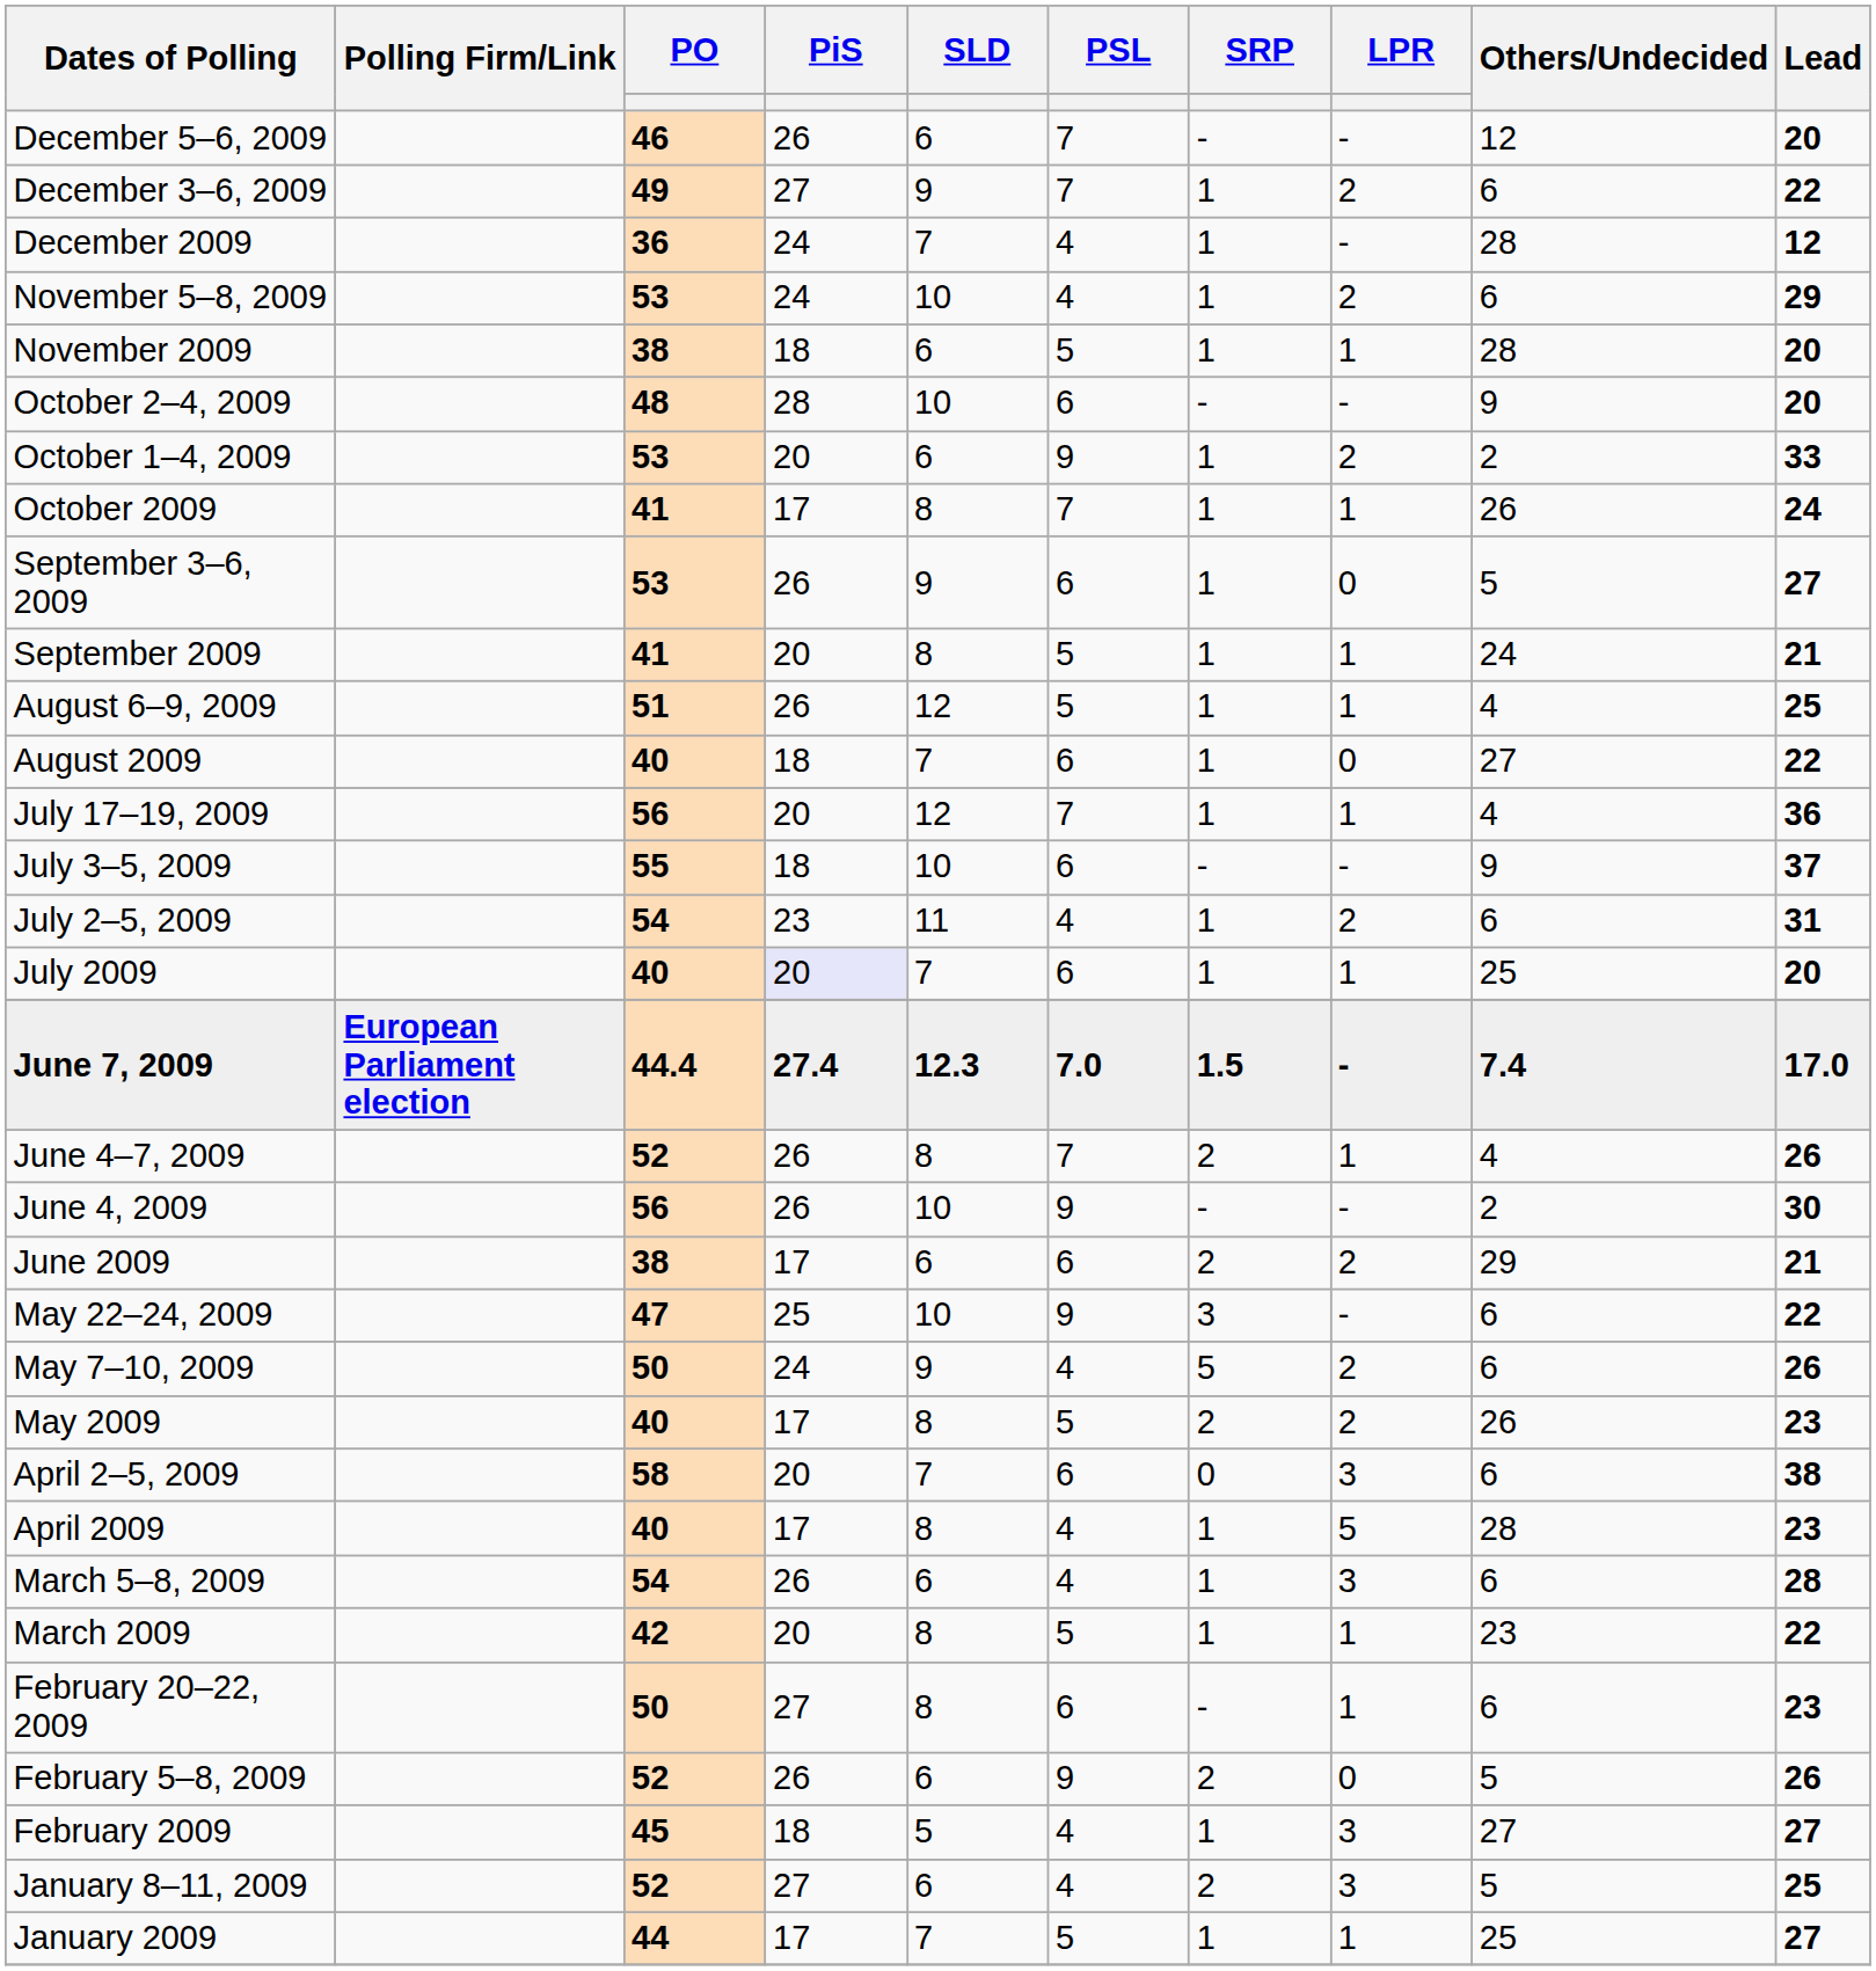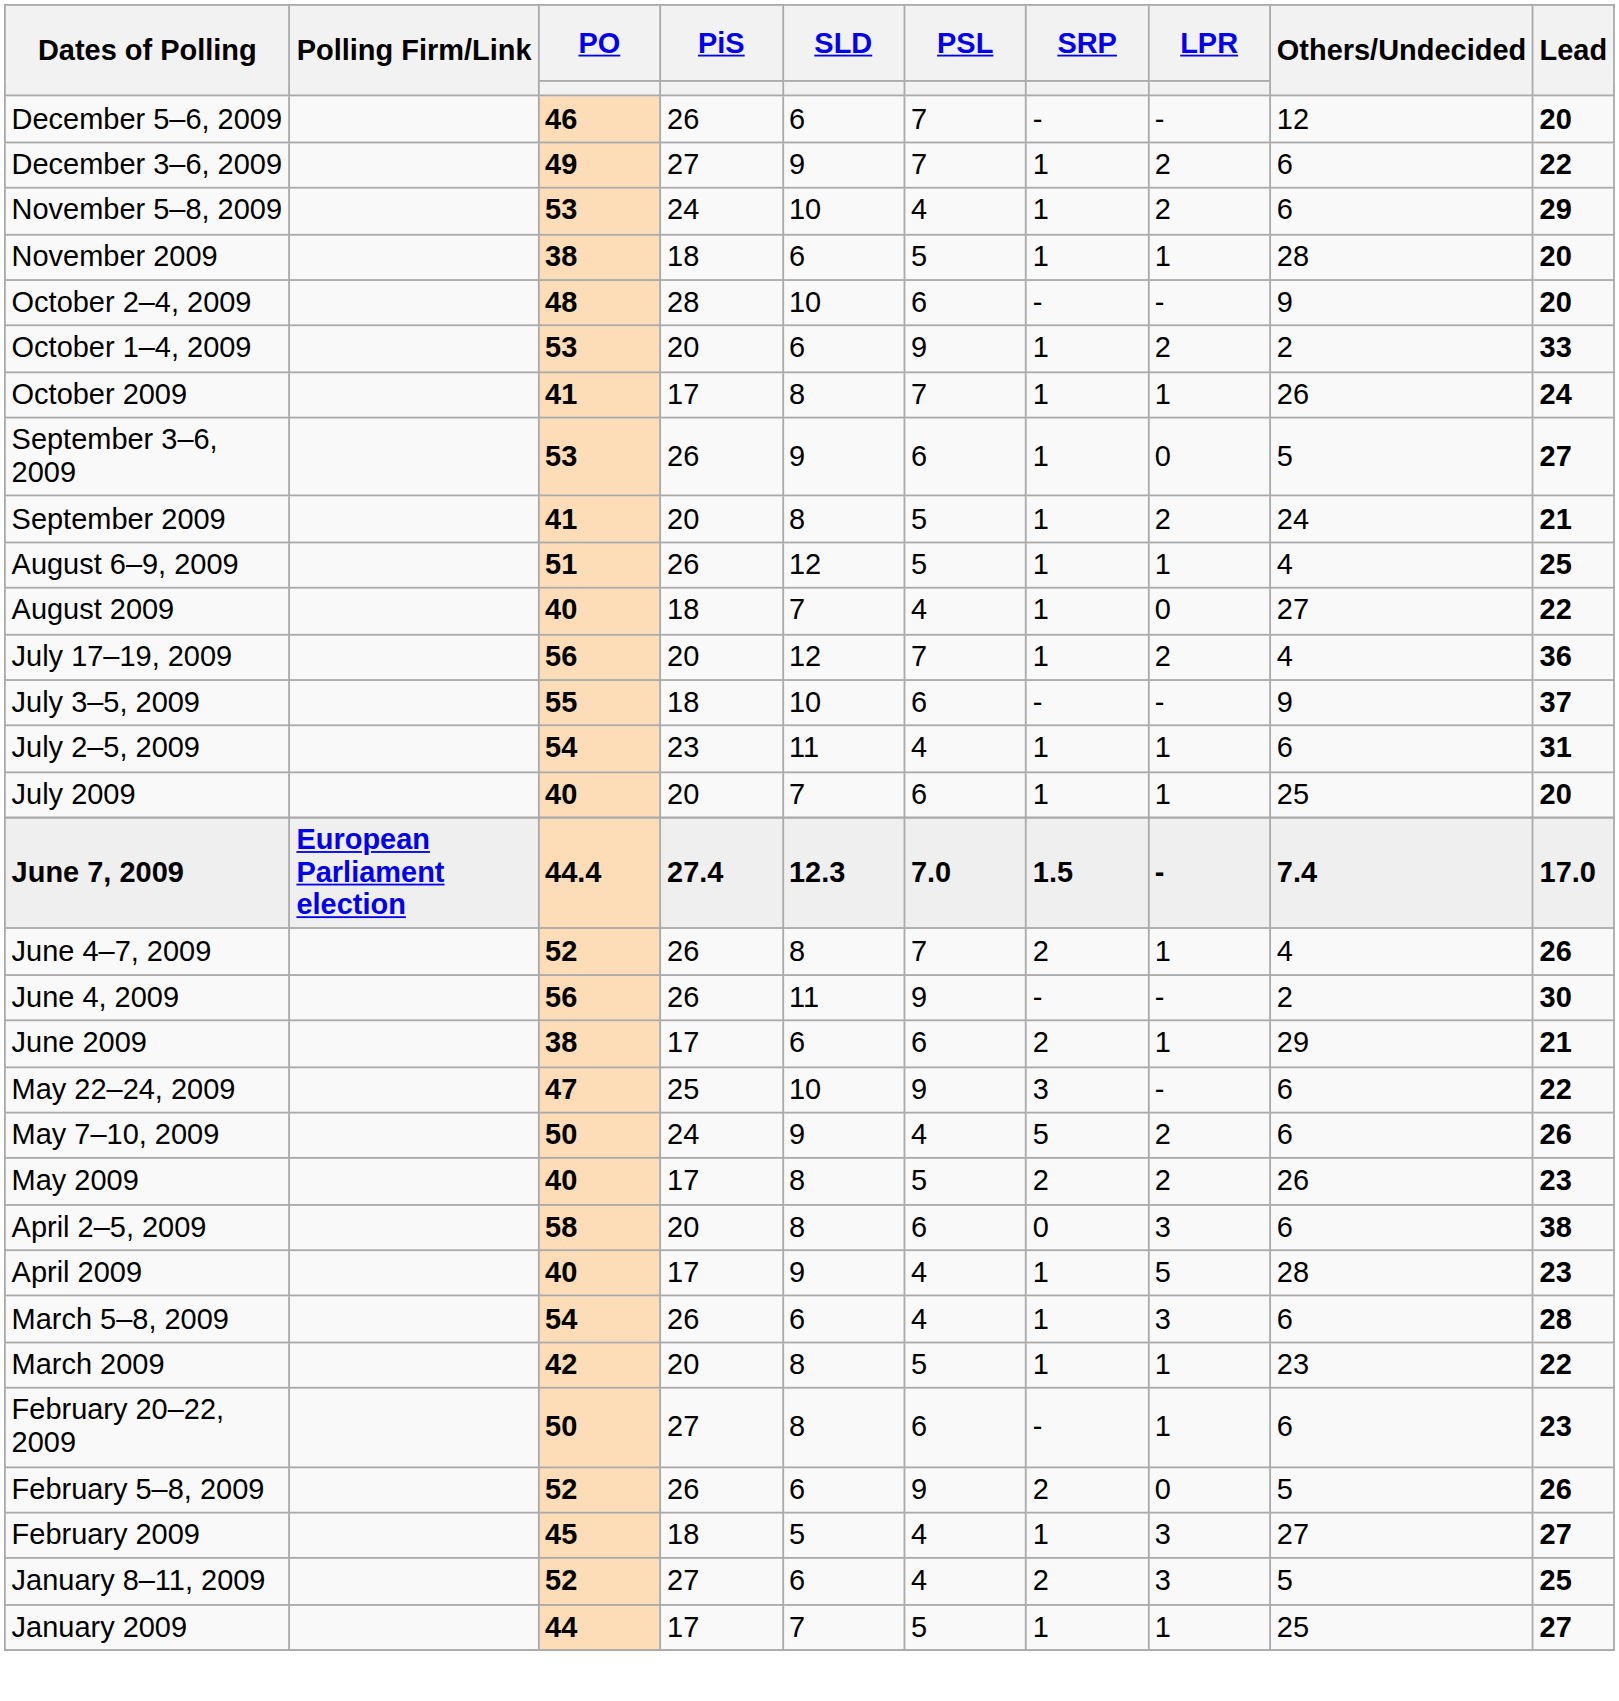 <table class="wikitable sortable collapsible">
 <tr style="height:42px; text-align:center; background-color:#E9E9E9">
 <th rowspan="2" data-sort-type="date" style="width:150px;">Dates of Polling</th>
 <th rowspan="2" style="width:130px;">Polling Firm/Link</th>
 <th style="width:60px;" class="unsortable"><a href='#'>PO</a></th>
 <th style="width:60px;" class="unsortable"><a href='#'>PiS</a></th>
 <th style="width:60px;" class="unsortable"><a href='#'>SLD</a></th>
 <th style="width:60px;" class="unsortable"><a href='#'>PSL</a></th>
 <th style="width:60px;" class="unsortable"><a href='#'>SRP</a></th>
 <th style="width:60px;" class="unsortable"><a href='#'>LPR</a></th>
 <th rowspan="2" data-sort-type="number" style="width:40px;">Others/Undecided</th>
 <th rowspan="2" data-sort-type="number" style="width:30px;">Lead</th>
 </tr>
 <tr>
 <th data-sort-type="number" style="height:1px; background:"></th>
 <th data-sort-type="number" style="height:1px; background:"></th>
 <th data-sort-type="number" style="height:1px; background:"></th>
 <th data-sort-type="number" style="height:1px; background:"></th>
 <th data-sort-type="number" style="height:1px; background:"></th>
 <th data-sort-type="number" style="height:1px; background:"></th>
 </tr>
 <tr>
 <td>December 5–6, 2009</td>
 <td></td>
 <td style="background:#FDDCB8"><strong>46</strong></td>
 <td>26</td>
 <td>6</td>
 <td>7</td>
 <td>-</td>
 <td>-</td>
 <td>12</td>
 <td style="background:"><strong>20</strong></td>
 </tr>
 <tr>
 <td>December 3–6, 2009</td>
 <td></td>
 <td style="background:#FDDCB8"><strong>49</strong></td>
 <td>27</td>
 <td>9</td>
 <td>7</td>
 <td>1</td>
 <td>2</td>
 <td>6</td>
 <td style="background:"><strong>22</strong></td>
-</tr>
-<tr>
-<td>December 2009</td>
-<td></td>
-<td style="background:#FDDCB8"><strong>36</strong></td>
-<td>24</td>
-<td>7</td>
-<td>4</td>
-<td>1</td>
-<td>-</td>
-<td>28</td>
-<td style="background:"><strong>12</strong></td>
 </tr>
 <tr>
 <td>November 5–8, 2009</td>
 <td></td>
 <td style="background:#FDDCB8"><strong>53</strong></td>
 <td>24</td>
 <td>10</td>
 <td>4</td>
 <td>1</td>
 <td>2</td>
 <td>6</td>
 <td style="background:"><strong>29</strong></td>
 </tr>
 <tr>
 <td>November 2009</td>
 <td></td>
 <td style="background:#FDDCB8"><strong>38</strong></td>
 <td>18</td>
 <td>6</td>
 <td>5</td>
 <td>1</td>
 <td>1</td>
 <td>28</td>
 <td style="background:"><strong>20</strong></td>
 </tr>
 <tr>
 <td>October 2–4, 2009</td>
 <td></td>
 <td style="background:#FDDCB8"><strong>48</strong></td>
 <td>28</td>
 <td>10</td>
 <td>6</td>
 <td>-</td>
 <td>-</td>
 <td>9</td>
 <td style="background:"><strong>20</strong></td>
 </tr>
 <tr>
 <td>October 1–4, 2009</td>
 <td></td>
 <td style="background:#FDDCB8"><strong>53</strong></td>
 <td>20</td>
 <td>6</td>
 <td>9</td>
 <td>1</td>
 <td>2</td>
 <td>2</td>
 <td style="background:"><strong>33</strong></td>
 </tr>
 <tr>
 <td>October 2009</td>
 <td></td>
 <td style="background:#FDDCB8"><strong>41</strong></td>
 <td>17</td>
 <td>8</td>
 <td>7</td>
 <td>1</td>
 <td>1</td>
 <td>26</td>
 <td style="background:"><strong>24</strong></td>
 </tr>
 <tr>
 <td>September 3–6, 2009</td>
 <td></td>
 <td style="background:#FDDCB8"><strong>53</strong></td>
 <td>26</td>
 <td>9</td>
 <td>6</td>
 <td>1</td>
 <td>0</td>
 <td>5</td>
 <td style="background:"><strong>27</strong></td>
 </tr>
 <tr>
 <td>September 2009</td>
 <td></td>
 <td style="background:#FDDCB8"><strong>41</strong></td>
 <td>20</td>
 <td>8</td>
 <td>5</td>
 <td>1</td>
-<td>1</td>
+<td>2</td>
 <td>24</td>
 <td style="background:"><strong>21</strong></td>
 </tr>
 <tr>
 <td>August 6–9, 2009</td>
 <td></td>
 <td style="background:#FDDCB8"><strong>51</strong></td>
 <td>26</td>
 <td>12</td>
 <td>5</td>
 <td>1</td>
 <td>1</td>
 <td>4</td>
 <td style="background:"><strong>25</strong></td>
 </tr>
 <tr>
 <td>August 2009</td>
 <td></td>
 <td style="background:#FDDCB8"><strong>40</strong></td>
 <td>18</td>
 <td>7</td>
-<td>6</td>
+<td>4</td>
 <td>1</td>
 <td>0</td>
 <td>27</td>
 <td style="background:"><strong>22</strong></td>
 </tr>
 <tr>
 <td>July 17–19, 2009</td>
 <td></td>
 <td style="background:#FDDCB8"><strong>56</strong></td>
 <td>20</td>
 <td>12</td>
 <td>7</td>
 <td>1</td>
-<td>1</td>
+<td>2</td>
 <td>4</td>
 <td style="background:"><strong>36</strong></td>
 </tr>
 <tr>
 <td>July 3–5, 2009</td>
 <td></td>
 <td style="background:#FDDCB8"><strong>55</strong></td>
 <td>18</td>
 <td>10</td>
 <td>6</td>
 <td>-</td>
 <td>-</td>
 <td>9</td>
 <td style="background:"><strong>37</strong></td>
 </tr>
 <tr>
 <td>July 2–5, 2009</td>
 <td></td>
 <td style="background:#FDDCB8"><strong>54</strong></td>
 <td>23</td>
 <td>11</td>
 <td>4</td>
 <td>1</td>
-<td>2</td>
+<td>1</td>
 <td>6</td>
 <td style="background:"><strong>31</strong></td>
 </tr>
 <tr>
 <td>July 2009</td>
 <td></td>
 <td style="background:#FDDCB8"><strong>40</strong></td>
-<td style="background: lavender;">20</td>
+<td>20</td>
 <td>7</td>
 <td>6</td>
 <td>1</td>
 <td>1</td>
 <td>25</td>
 <td style="background:"><strong>20</strong></td>
 </tr>
 <tr>
 </tr>
 <tr style="background:#EFEFEF; font-weight:bold;">
 <td>June 7, 2009</td>
 <td><a href='#'>European Parliament election</a></td>
 <td style="background:#FDDCB8"><strong>44.4</strong></td>
 <td>27.4</td>
 <td>12.3</td>
 <td>7.0</td>
 <td>1.5</td>
 <td>-</td>
 <td>7.4</td>
 <td style="background:"><strong>17.0</strong></td>
 </tr>
 <tr>
 <td>June 4–7, 2009</td>
 <td></td>
 <td style="background:#FDDCB8"><strong>52</strong></td>
 <td>26</td>
 <td>8</td>
 <td>7</td>
 <td>2</td>
 <td>1</td>
 <td>4</td>
 <td style="background:"><strong>26</strong></td>
 </tr>
 <tr>
 <td>June 4, 2009</td>
 <td></td>
 <td style="background:#FDDCB8"><strong>56</strong></td>
 <td>26</td>
-<td>10</td>
+<td>11</td>
 <td>9</td>
 <td>-</td>
 <td>-</td>
 <td>2</td>
 <td style="background:"><strong>30</strong></td>
 </tr>
 <tr>
 <td>June 2009</td>
 <td></td>
 <td style="background:#FDDCB8"><strong>38</strong></td>
 <td>17</td>
 <td>6</td>
 <td>6</td>
 <td>2</td>
-<td>2</td>
+<td>1</td>
 <td>29</td>
 <td style="background:"><strong>21</strong></td>
 </tr>
 <tr>
 <td>May 22–24, 2009</td>
 <td></td>
 <td style="background:#FDDCB8"><strong>47</strong></td>
 <td>25</td>
 <td>10</td>
 <td>9</td>
 <td>3</td>
 <td>-</td>
 <td>6</td>
 <td style="background:"><strong>22</strong></td>
 </tr>
 <tr>
 <td>May 7–10, 2009</td>
 <td></td>
 <td style="background:#FDDCB8"><strong>50</strong></td>
 <td>24</td>
 <td>9</td>
 <td>4</td>
 <td>5</td>
 <td>2</td>
 <td>6</td>
 <td style="background:"><strong>26</strong></td>
 </tr>
 <tr>
 <td>May 2009</td>
 <td></td>
 <td style="background:#FDDCB8"><strong>40</strong></td>
 <td>17</td>
 <td>8</td>
 <td>5</td>
 <td>2</td>
 <td>2</td>
 <td>26</td>
 <td style="background:"><strong>23</strong></td>
 </tr>
 <tr>
 <td>April 2–5, 2009</td>
 <td></td>
 <td style="background:#FDDCB8"><strong>58</strong></td>
 <td>20</td>
-<td>7</td>
+<td>8</td>
 <td>6</td>
 <td>0</td>
 <td>3</td>
 <td>6</td>
 <td style="background:"><strong>38</strong></td>
 </tr>
 <tr>
 <td>April 2009</td>
 <td></td>
 <td style="background:#FDDCB8"><strong>40</strong></td>
 <td>17</td>
-<td>8</td>
+<td>9</td>
 <td>4</td>
 <td>1</td>
 <td>5</td>
 <td>28</td>
 <td style="background:"><strong>23</strong></td>
 </tr>
 <tr>
 <td>March 5–8, 2009</td>
 <td></td>
 <td style="background:#FDDCB8"><strong>54</strong></td>
 <td>26</td>
 <td>6</td>
 <td>4</td>
 <td>1</td>
 <td>3</td>
 <td>6</td>
 <td style="background:"><strong>28</strong></td>
 </tr>
 <tr>
 <td>March 2009</td>
 <td></td>
 <td style="background:#FDDCB8"><strong>42</strong></td>
 <td>20</td>
 <td>8</td>
 <td>5</td>
 <td>1</td>
 <td>1</td>
 <td>23</td>
 <td style="background:"><strong>22</strong></td>
 </tr>
 <tr>
 <td>February 20–22, 2009</td>
 <td></td>
 <td style="background:#FDDCB8"><strong>50</strong></td>
 <td>27</td>
 <td>8</td>
 <td>6</td>
 <td>-</td>
 <td>1</td>
 <td>6</td>
 <td style="background:"><strong>23</strong></td>
 </tr>
 <tr>
 <td>February 5–8, 2009</td>
 <td></td>
 <td style="background:#FDDCB8"><strong>52</strong></td>
 <td>26</td>
 <td>6</td>
 <td>9</td>
 <td>2</td>
 <td>0</td>
 <td>5</td>
 <td style="background:"><strong>26</strong></td>
 </tr>
 <tr>
 <td>February 2009</td>
 <td></td>
 <td style="background:#FDDCB8"><strong>45</strong></td>
 <td>18</td>
 <td>5</td>
 <td>4</td>
 <td>1</td>
 <td>3</td>
 <td>27</td>
 <td style="background:"><strong>27</strong></td>
 </tr>
 <tr>
 <td>January 8–11, 2009</td>
 <td></td>
 <td style="background:#FDDCB8"><strong>52</strong></td>
 <td>27</td>
 <td>6</td>
 <td>4</td>
 <td>2</td>
 <td>3</td>
 <td>5</td>
 <td style="background:"><strong>25</strong></td>
 </tr>
 <tr>
 <td>January 2009</td>
 <td></td>
 <td style="background:#FDDCB8"><strong>44</strong></td>
 <td>17</td>
 <td>7</td>
 <td>5</td>
 <td>1</td>
 <td>1</td>
 <td>25</td>
 <td style="background:"><strong>27</strong></td>
 </tr>
 <tr>
 </tr>
 </table>
